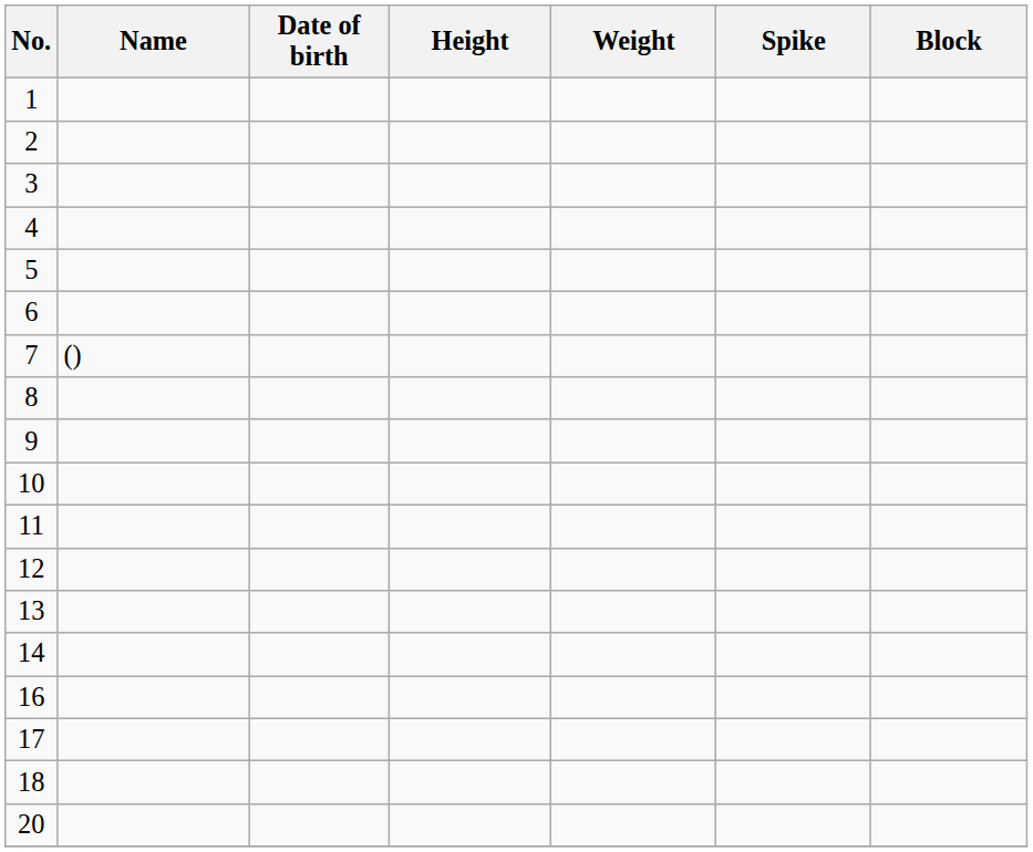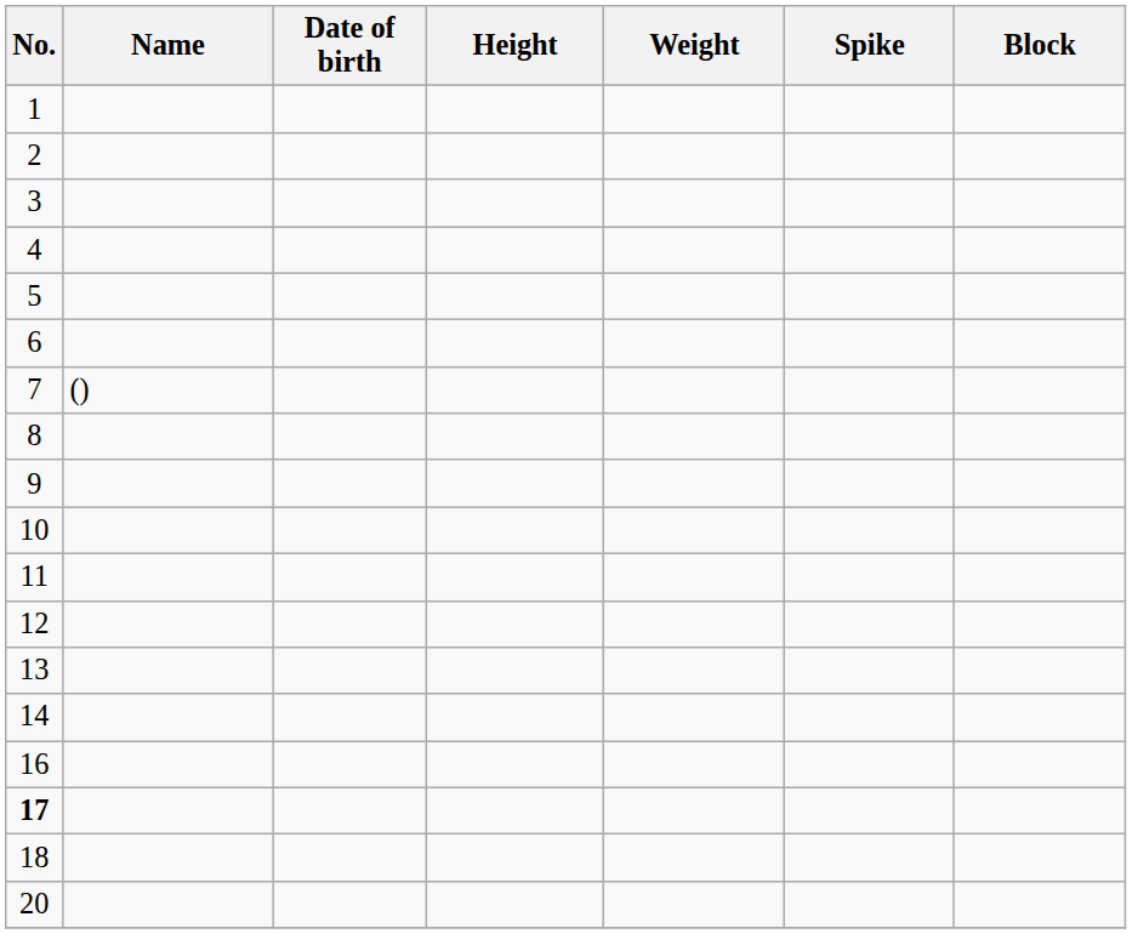 <table class="wikitable sortable" style="font-size:100%; text-align:center;">
 <tr>
 <th>No.</th>
 <th style="width:12em">Name</th>
 <th style="width:8em">Date of birth</th>
 <th style="width:9em">Height</th>
 <th style="width:9em">Weight</th>
 <th style="width:9em">Spike</th>
 <th style="width:9em">Block</th>
 </tr>
 <tr>
 <td>1</td>
 <td align=left> </td>
 <td align=right></td>
 <td></td>
 <td></td>
 <td></td>
 <td></td>
 </tr>
 <tr>
 <td>2</td>
 <td align=left> </td>
 <td align=right></td>
 <td></td>
 <td></td>
 <td></td>
 <td></td>
 </tr>
 <tr>
 <td>3</td>
 <td align=left> </td>
 <td align=right></td>
 <td></td>
 <td></td>
 <td></td>
 <td></td>
 </tr>
 <tr>
 <td>4</td>
 <td align=left> </td>
 <td align=right></td>
 <td></td>
 <td></td>
 <td></td>
 <td></td>
 </tr>
 <tr>
 <td>5</td>
 <td align=left> </td>
 <td align=right></td>
 <td></td>
 <td></td>
 <td></td>
 <td></td>
 </tr>
 <tr>
 <td>6</td>
 <td align=left> </td>
 <td align=right></td>
 <td></td>
 <td></td>
 <td></td>
 <td></td>
 </tr>
 <tr>
 <td>7</td>
 <td align=left>  ()</td>
 <td align=right></td>
 <td></td>
 <td></td>
 <td></td>
 <td></td>
 </tr>
 <tr>
 <td>8</td>
 <td align=left> </td>
 <td align=right></td>
 <td></td>
 <td></td>
 <td></td>
 <td></td>
 </tr>
 <tr>
 <td>9</td>
 <td align=left> </td>
 <td align=right></td>
 <td></td>
 <td></td>
 <td></td>
 <td></td>
 </tr>
 <tr>
 <td>10</td>
 <td align=left> </td>
 <td align=right></td>
 <td></td>
 <td></td>
 <td></td>
 <td></td>
 </tr>
 <tr>
 <td>11</td>
 <td align=left> </td>
 <td align=right></td>
 <td></td>
 <td></td>
 <td></td>
 <td></td>
 </tr>
 <tr>
 <td>12</td>
 <td align=left> </td>
 <td align=right></td>
 <td></td>
 <td></td>
 <td></td>
 <td></td>
 </tr>
 <tr>
 <td>13</td>
 <td align=left> </td>
 <td align=right></td>
 <td></td>
 <td></td>
 <td></td>
 <td></td>
 </tr>
 <tr>
 <td>14</td>
 <td align=left> </td>
 <td align=right></td>
 <td></td>
 <td></td>
 <td></td>
 <td></td>
 </tr>
 <tr>
 <td>16</td>
 <td align=left> </td>
 <td align=right></td>
 <td></td>
 <td></td>
 <td></td>
 <td></td>
 </tr>
 <tr>
-<td>17</td>
+<td><strong>17</strong></td>
 <td align=left> </td>
 <td align=right></td>
 <td></td>
 <td></td>
 <td></td>
 <td></td>
 </tr>
 <tr>
 <td>18</td>
 <td align=left> </td>
 <td align=right></td>
 <td></td>
 <td></td>
 <td></td>
 <td></td>
 </tr>
 <tr>
 <td>20</td>
 <td align=left> </td>
 <td align=right></td>
 <td></td>
 <td></td>
 <td></td>
 <td></td>
 </tr>
 <tr>
 </tr>
 </table>
